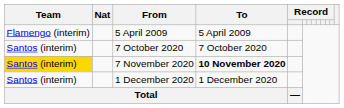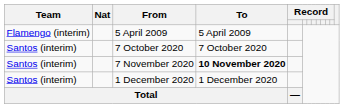 <table class="wikitable" style="text-align: center">
 <tr>
 <th rowspan="2">Team</th>
 <th rowspan="2">Nat</th>
 <th rowspan="2">From</th>
 <th rowspan="2">To</th>
 <th colspan="8">Record</th>
 <th rowspan=2></th>
 </tr>
 <tr>
 <th></th>
 <th></th>
 <th></th>
 <th></th>
 <th></th>
 <th></th>
 <th></th>
 <th></th>
 </tr>
 <tr>
 <td align=left><a href='#'>Flamengo</a> (interim)</td>
 <td></td>
 <td align=left>5 April 2009</td>
 <td align=left>5 April 2009<br></td>
 <td></td>
 </tr>
 <tr>
 <td align=left><a href='#'>Santos</a> (interim)</td>
 <td></td>
 <td align=left>7 October 2020</td>
 <td align=left>7 October 2020<br></td>
 <td></td>
 </tr>
 <tr>
-<td align=left style="background: gold;"><a href='#'>Santos</a> (interim)</td>
+<td align=left><a href='#'>Santos</a> (interim)</td>
 <td></td>
 <td align=left>7 November 2020</td>
 <td align=left><strong>10 November 2020<br></strong></td>
 <td></td>
 </tr>
 <tr>
 <td align=left><a href='#'>Santos</a> (interim)</td>
 <td></td>
 <td align=left>1 December 2020</td>
 <td align=left>1 December 2020<br></td>
 <td></td>
 </tr>
 <tr>
 <th colspan="4">Total<br></th>
 <th>—</th>
 </tr>
 </table>
